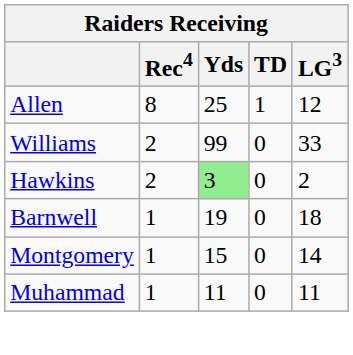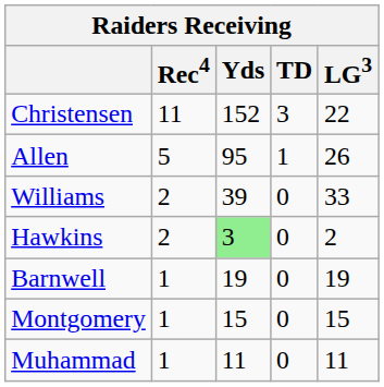 <table class="wikitable">
 <tr>
 <th colspan="5">Raiders Receiving</th>
 </tr>
 <tr>
 <th></th>
 <th>Rec<sup>4</sup></th>
 <th>Yds</th>
 <th>TD</th>
 <th>LG<sup>3</sup></th>
 </tr>
 <tr>
+<td><a href='#'>Christensen</a></td>
+<td>11</td>
+<td>152</td>
+<td>3</td>
+<td>22</td>
+</tr>
+<tr>
 <td><a href='#'>Allen</a></td>
-<td>8</td>
-<td>25</td>
+<td>5</td>
+<td>95</td>
 <td>1</td>
-<td>12</td>
+<td>26</td>
 </tr>
 <tr>
 <td><a href='#'>Williams</a></td>
 <td>2</td>
-<td>99</td>
+<td>39</td>
 <td>0</td>
 <td>33</td>
 </tr>
 <tr>
 <td><a href='#'>Hawkins</a></td>
 <td>2</td>
 <td style="background: lightgreen;">3</td>
 <td>0</td>
 <td>2</td>
 </tr>
 <tr>
 <td><a href='#'>Barnwell</a></td>
 <td>1</td>
 <td>19</td>
 <td>0</td>
-<td>18</td>
+<td>19</td>
 </tr>
 <tr>
 <td><a href='#'>Montgomery</a></td>
 <td>1</td>
 <td>15</td>
 <td>0</td>
-<td>14</td>
+<td>15</td>
 </tr>
 <tr>
 <td><a href='#'>Muhammad</a></td>
 <td>1</td>
 <td>11</td>
 <td>0</td>
 <td>11</td>
 </tr>
 </table>
